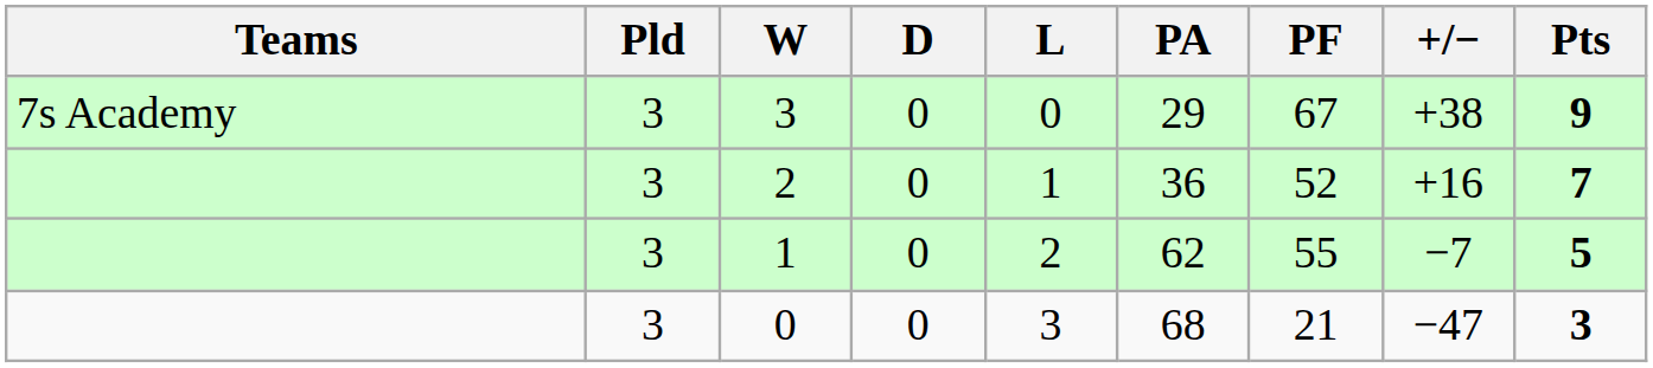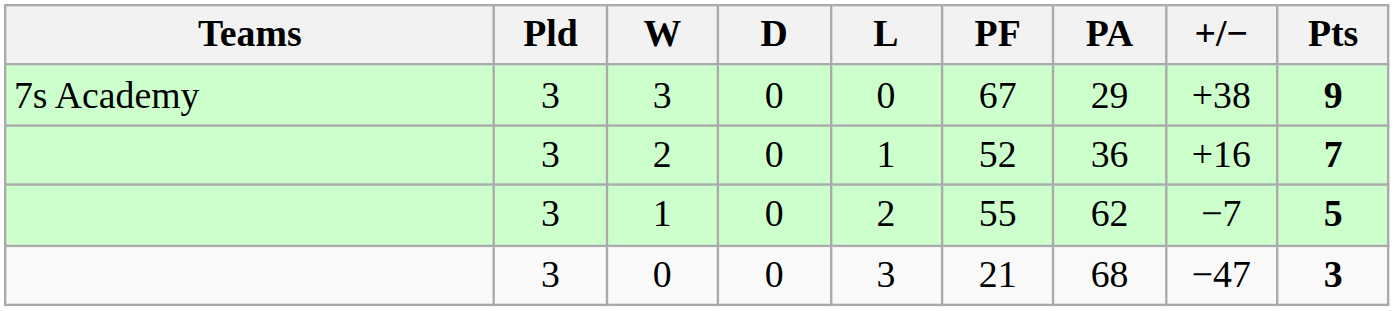 <table class="wikitable" style="text-align: center">
 <tr>
 <th width="200">Teams</th>
 <th width="40">Pld</th>
 <th width="40">W</th>
 <th width="40">D</th>
 <th width="40">L</th>
+<th width="40">PF</th>
 <th width="40">PA</th>
-<th width="40">PF</th>
 <th width="40">+/−</th>
 <th width="40">Pts</th>
 </tr>
 <tr bgcolor=ccffcc>
 <td align=left> 7s Academy</td>
 <td>3</td>
 <td>3</td>
 <td>0</td>
 <td>0</td>
+<td>67</td>
 <td>29</td>
-<td>67</td>
 <td>+38</td>
 <td><strong>9</strong></td>
 </tr>
 <tr bgcolor=ccffcc>
 <td align=left></td>
 <td>3</td>
 <td>2</td>
 <td>0</td>
 <td>1</td>
+<td>52</td>
 <td>36</td>
-<td>52</td>
 <td>+16</td>
 <td><strong>7</strong></td>
 </tr>
 <tr bgcolor=ccffcc>
 <td align=left></td>
 <td>3</td>
 <td>1</td>
 <td>0</td>
 <td>2</td>
+<td>55</td>
 <td>62</td>
-<td>55</td>
 <td>−7</td>
 <td><strong>5</strong></td>
 </tr>
 <tr>
 <td align=left></td>
 <td>3</td>
 <td>0</td>
 <td>0</td>
 <td>3</td>
+<td>21</td>
 <td>68</td>
-<td>21</td>
 <td>−47</td>
 <td><strong>3</strong></td>
 </tr>
 </table>
